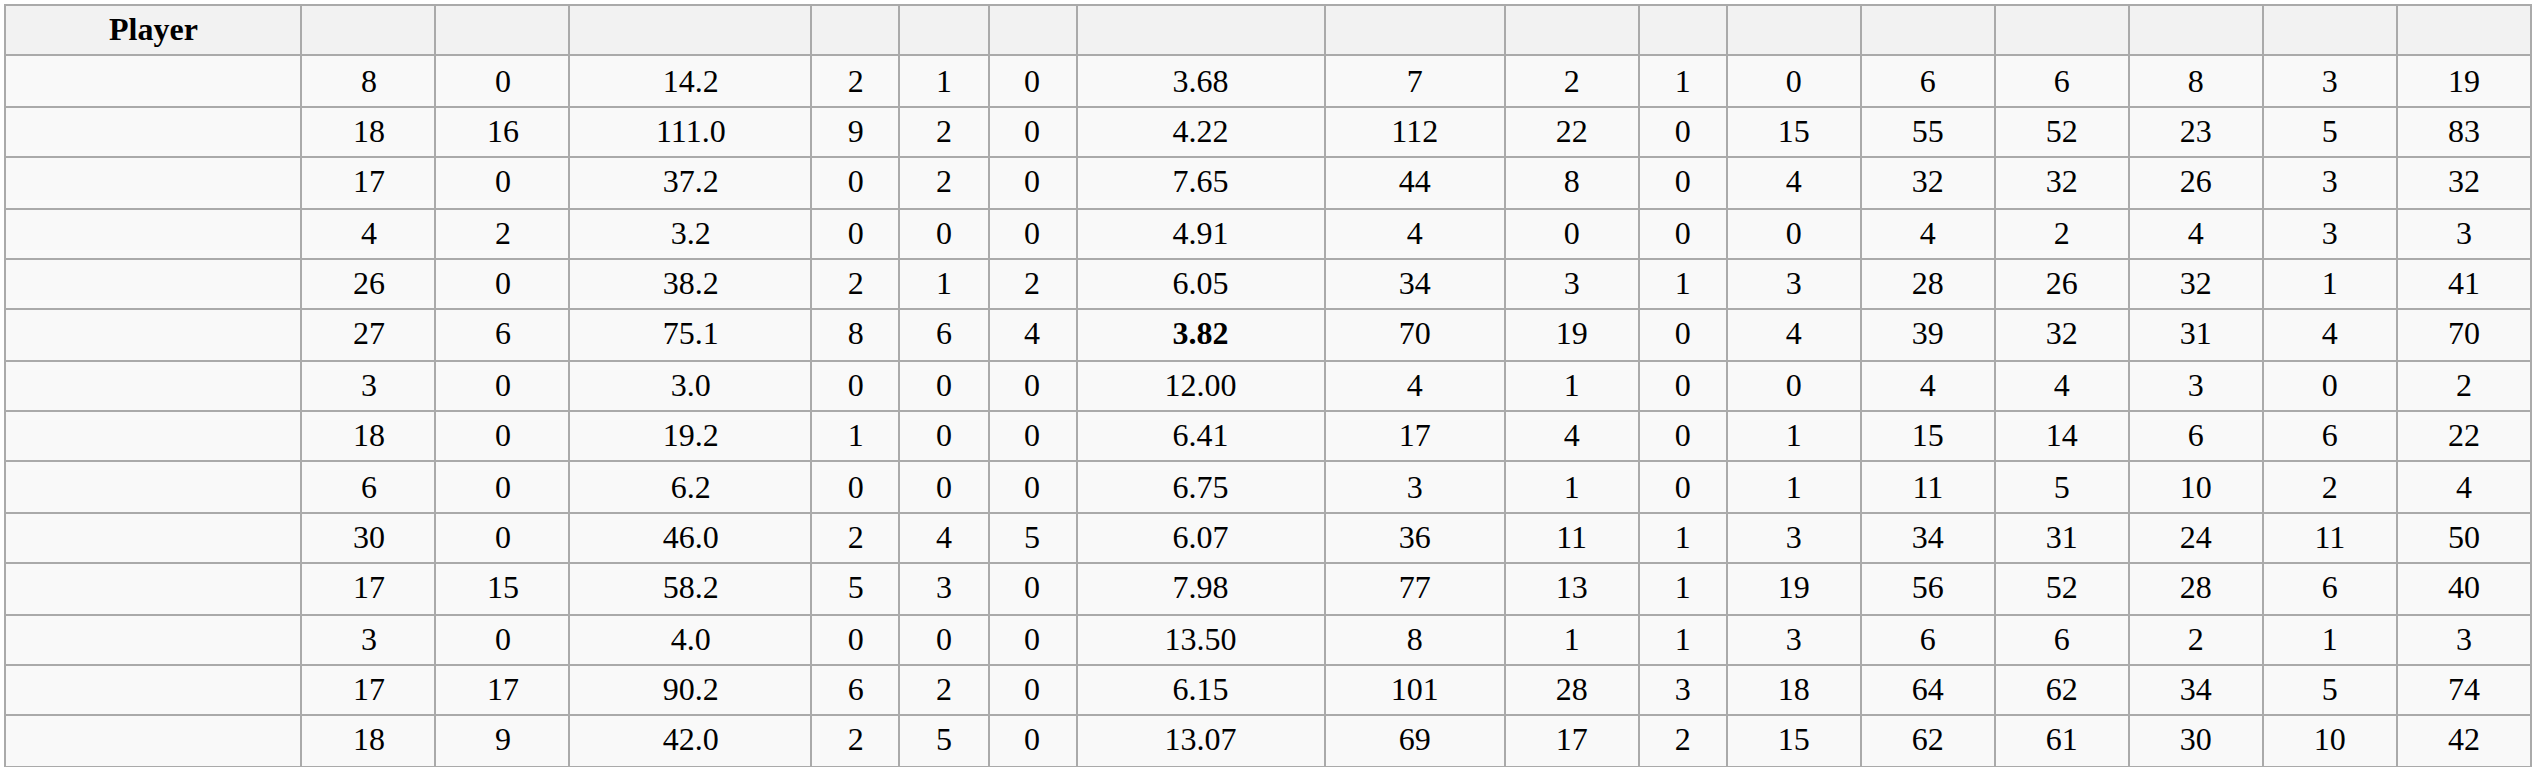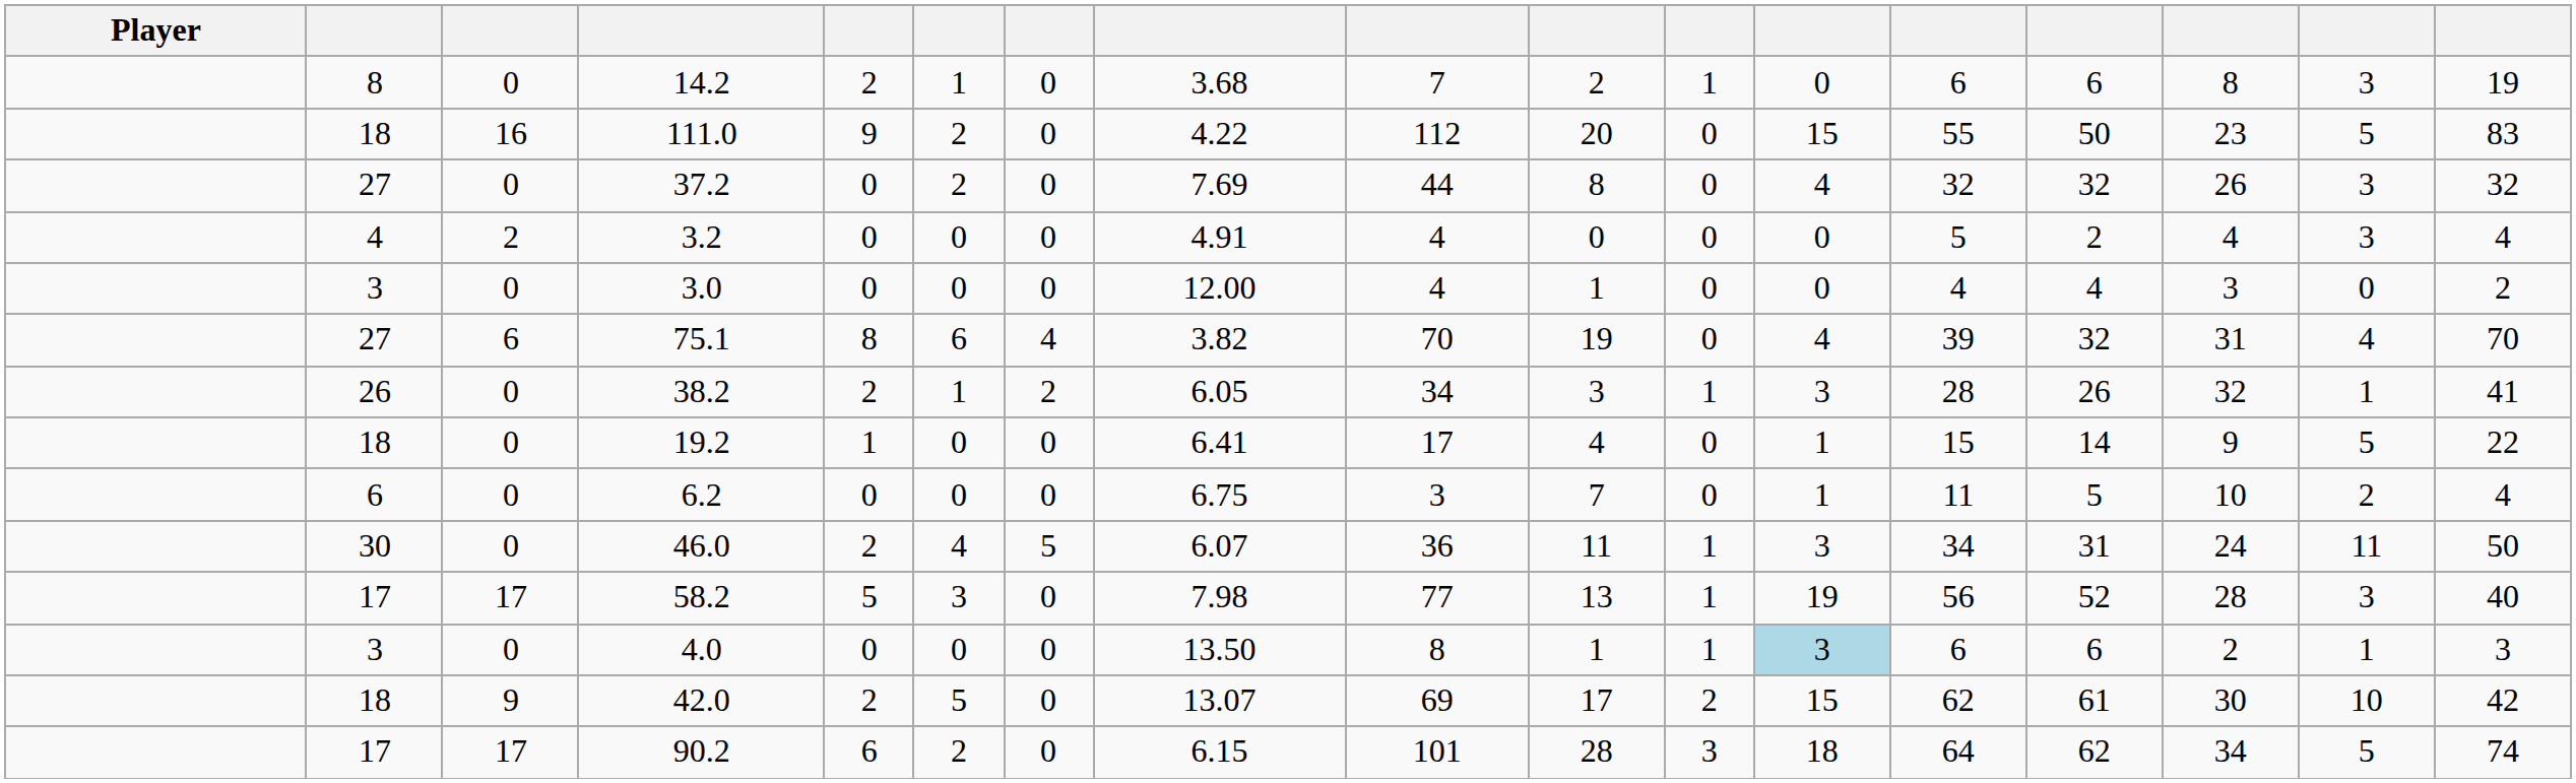 <table class="wikitable sortable" style="text-align:center; width: 100%">
 <tr>
 <th>Player</th>
 <th></th>
 <th></th>
 <th></th>
 <th></th>
 <th></th>
 <th></th>
 <th></th>
 <th></th>
 <th></th>
 <th></th>
 <th></th>
 <th></th>
 <th></th>
 <th></th>
 <th></th>
 <th></th>
 </tr>
 <tr>
 <td></td>
 <td>8</td>
 <td>0</td>
 <td>14.2</td>
 <td>2</td>
 <td>1</td>
 <td>0</td>
 <td>3.68</td>
 <td>7</td>
 <td>2</td>
 <td>1</td>
 <td>0</td>
 <td>6</td>
 <td>6</td>
 <td>8</td>
 <td>3</td>
 <td>19</td>
 </tr>
 <tr>
 <td></td>
 <td>18</td>
 <td>16</td>
 <td>111.0</td>
 <td>9</td>
 <td>2</td>
 <td>0</td>
 <td>4.22</td>
 <td>112</td>
-<td>22</td>
+<td>20</td>
 <td>0</td>
 <td>15</td>
 <td>55</td>
-<td>52</td>
+<td>50</td>
 <td>23</td>
 <td>5</td>
 <td>83</td>
 </tr>
 <tr>
 <td></td>
-<td>17</td>
+<td>27</td>
 <td>0</td>
 <td>37.2</td>
 <td>0</td>
 <td>2</td>
 <td>0</td>
-<td>7.65</td>
+<td>7.69</td>
 <td>44</td>
 <td>8</td>
 <td>0</td>
 <td>4</td>
 <td>32</td>
 <td>32</td>
 <td>26</td>
 <td>3</td>
 <td>32</td>
 </tr>
 <tr>
 <td></td>
 <td>4</td>
 <td>2</td>
 <td>3.2</td>
 <td>0</td>
 <td>0</td>
 <td>0</td>
 <td>4.91</td>
 <td>4</td>
 <td>0</td>
 <td>0</td>
 <td>0</td>
-<td>4</td>
+<td>5</td>
 <td>2</td>
 <td>4</td>
 <td>3</td>
+<td>4</td>
+</tr>
+<tr>
+<td></td>
 <td>3</td>
+<td>0</td>
+<td>3.0</td>
+<td>0</td>
+<td>0</td>
+<td>0</td>
+<td>12.00</td>
+<td>4</td>
+<td>1</td>
+<td>0</td>
+<td>0</td>
+<td>4</td>
+<td>4</td>
+<td>3</td>
+<td>0</td>
+<td>2</td>
+</tr>
+<tr>
+<td></td>
+<td>27</td>
+<td>6</td>
+<td>75.1</td>
+<td>8</td>
+<td>6</td>
+<td>4</td>
+<td>3.82</td>
+<td>70</td>
+<td>19</td>
+<td>0</td>
+<td>4</td>
+<td>39</td>
+<td>32</td>
+<td>31</td>
+<td>4</td>
+<td>70</td>
 </tr>
 <tr>
 <td></td>
 <td>26</td>
 <td>0</td>
 <td>38.2</td>
 <td>2</td>
 <td>1</td>
 <td>2</td>
 <td>6.05</td>
 <td>34</td>
 <td>3</td>
 <td>1</td>
 <td>3</td>
 <td>28</td>
 <td>26</td>
 <td>32</td>
 <td>1</td>
 <td>41</td>
 </tr>
 <tr>
 <td></td>
-<td>27</td>
-<td>6</td>
-<td>75.1</td>
-<td>8</td>
-<td>6</td>
-<td>4</td>
-<td><strong>3.82</strong></td>
-<td>70</td>
-<td>19</td>
-<td>0</td>
-<td>4</td>
-<td>39</td>
-<td>32</td>
-<td>31</td>
-<td>4</td>
-<td>70</td>
-</tr>
-<tr>
-<td></td>
-<td>3</td>
-<td>0</td>
-<td>3.0</td>
-<td>0</td>
-<td>0</td>
-<td>0</td>
-<td>12.00</td>
-<td>4</td>
-<td>1</td>
-<td>0</td>
-<td>0</td>
-<td>4</td>
-<td>4</td>
-<td>3</td>
-<td>0</td>
-<td>2</td>
-</tr>
-<tr>
-<td></td>
 <td>18</td>
 <td>0</td>
 <td>19.2</td>
 <td>1</td>
 <td>0</td>
 <td>0</td>
 <td>6.41</td>
 <td>17</td>
 <td>4</td>
 <td>0</td>
 <td>1</td>
 <td>15</td>
 <td>14</td>
-<td>6</td>
-<td>6</td>
+<td>9</td>
+<td>5</td>
 <td>22</td>
 </tr>
 <tr>
 <td></td>
 <td>6</td>
 <td>0</td>
 <td>6.2</td>
 <td>0</td>
 <td>0</td>
 <td>0</td>
 <td>6.75</td>
 <td>3</td>
-<td>1</td>
+<td>7</td>
 <td>0</td>
 <td>1</td>
 <td>11</td>
 <td>5</td>
 <td>10</td>
 <td>2</td>
 <td>4</td>
 </tr>
 <tr>
 <td></td>
 <td>30</td>
 <td>0</td>
 <td>46.0</td>
 <td>2</td>
 <td>4</td>
 <td>5</td>
 <td>6.07</td>
 <td>36</td>
 <td>11</td>
 <td>1</td>
 <td>3</td>
 <td>34</td>
 <td>31</td>
 <td>24</td>
 <td>11</td>
 <td>50</td>
 </tr>
 <tr>
 <td></td>
 <td>17</td>
-<td>15</td>
+<td>17</td>
 <td>58.2</td>
 <td>5</td>
 <td>3</td>
 <td>0</td>
 <td>7.98</td>
 <td>77</td>
 <td>13</td>
 <td>1</td>
 <td>19</td>
 <td>56</td>
 <td>52</td>
 <td>28</td>
-<td>6</td>
+<td>3</td>
 <td>40</td>
 </tr>
 <tr>
 <td></td>
 <td>3</td>
 <td>0</td>
 <td>4.0</td>
 <td>0</td>
 <td>0</td>
 <td>0</td>
 <td>13.50</td>
 <td>8</td>
 <td>1</td>
 <td>1</td>
-<td>3</td>
+<td style="background: lightblue;">3</td>
 <td>6</td>
 <td>6</td>
 <td>2</td>
 <td>1</td>
 <td>3</td>
+</tr>
+<tr>
+<td></td>
+<td>18</td>
+<td>9</td>
+<td>42.0</td>
+<td>2</td>
+<td>5</td>
+<td>0</td>
+<td>13.07</td>
+<td>69</td>
+<td>17</td>
+<td>2</td>
+<td>15</td>
+<td>62</td>
+<td>61</td>
+<td>30</td>
+<td>10</td>
+<td>42</td>
 </tr>
 <tr>
 <td></td>
 <td>17</td>
 <td>17</td>
 <td>90.2</td>
 <td>6</td>
 <td>2</td>
 <td>0</td>
 <td>6.15</td>
 <td>101</td>
 <td>28</td>
 <td>3</td>
 <td>18</td>
 <td>64</td>
 <td>62</td>
 <td>34</td>
 <td>5</td>
 <td>74</td>
 </tr>
-<tr>
-<td></td>
-<td>18</td>
-<td>9</td>
-<td>42.0</td>
-<td>2</td>
-<td>5</td>
-<td>0</td>
-<td>13.07</td>
-<td>69</td>
-<td>17</td>
-<td>2</td>
-<td>15</td>
-<td>62</td>
-<td>61</td>
-<td>30</td>
-<td>10</td>
-<td>42</td>
-</tr>
 <tr class="sortbottom">
 </tr>
 </table>
